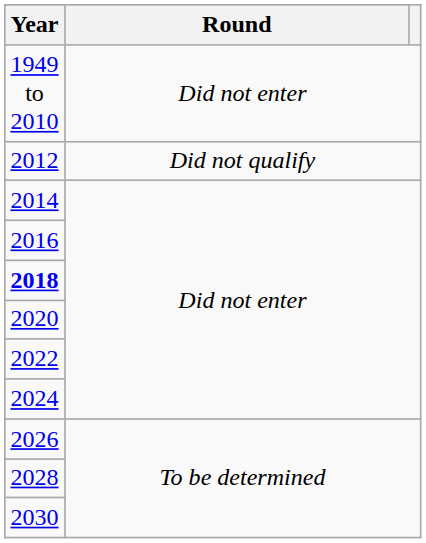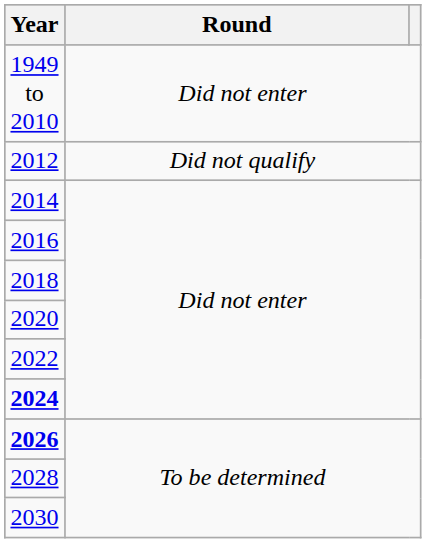 <table class="wikitable" style="text-align: center; font-size:90%">
 <tr>
 <th>Year</th>
 <th style="width:200px">Round</th>
 <th></th>
 </tr>
 <tr>
 <td><a href='#'>1949</a><br>to<br><a href='#'>2010</a></td>
 <td colspan="2"><em>Did not enter</em></td>
 </tr>
 <tr>
 <td><a href='#'>2012</a></td>
 <td colspan="2"><em>Did not qualify</em></td>
 </tr>
 <tr>
 <td><a href='#'>2014</a></td>
 <td colspan="2" rowspan="6"><em>Did not enter</em></td>
 </tr>
 <tr>
 <td><a href='#'>2016</a></td>
 </tr>
 <tr>
-<td><strong><a href='#'>2018</a></strong></td>
+<td><a href='#'>2018</a></td>
 </tr>
 <tr>
 <td><a href='#'>2020</a></td>
 </tr>
 <tr>
 <td><a href='#'>2022</a></td>
 </tr>
 <tr>
-<td><a href='#'>2024</a></td>
+<td><strong><a href='#'>2024</a></strong></td>
 </tr>
 <tr>
-<td><a href='#'>2026</a></td>
+<td><strong><a href='#'>2026</a></strong></td>
 <td colspan="2" rowspan="3"><em>To be determined</em></td>
 </tr>
 <tr>
 <td><a href='#'>2028</a></td>
 </tr>
 <tr>
 <td><a href='#'>2030</a></td>
 </tr>
 </table>
